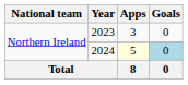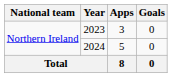 <table class=wikitable style="text-align: center;">
 <tr>
 <th>National team</th>
 <th>Year</th>
 <th>Apps</th>
 <th>Goals</th>
 </tr>
 <tr>
 <td rowspan=2><a href='#'>Northern Ireland</a></td>
 <td>2023</td>
 <td>3</td>
 <td>0</td>
 </tr>
 <tr>
 <td>2024</td>
-<td style="background: lightyellow;">5</td>
-<td style="background: lightblue;">0</td>
+<td>5</td>
+<td>0</td>
 </tr>
 <tr>
 <th colspan=2>Total</th>
 <th>8</th>
 <th>0</th>
 </tr>
 </table>
